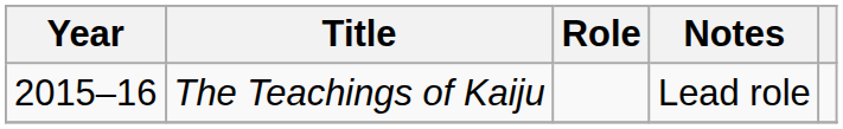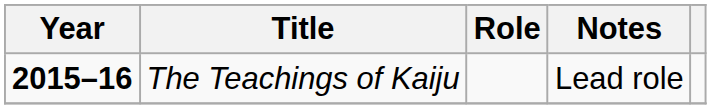 <table class="wikitable">
 <tr>
 <th>Year</th>
 <th>Title</th>
 <th>Role</th>
 <th>Notes</th>
 <th></th>
 </tr>
 <tr>
-<td>2015–16</td>
+<td><strong>2015–16</strong></td>
 <td><em>The Teachings of Kaiju</em></td>
 <td></td>
 <td>Lead role</td>
 <td></td>
 </tr>
 <tr>
 </tr>
 </table>
